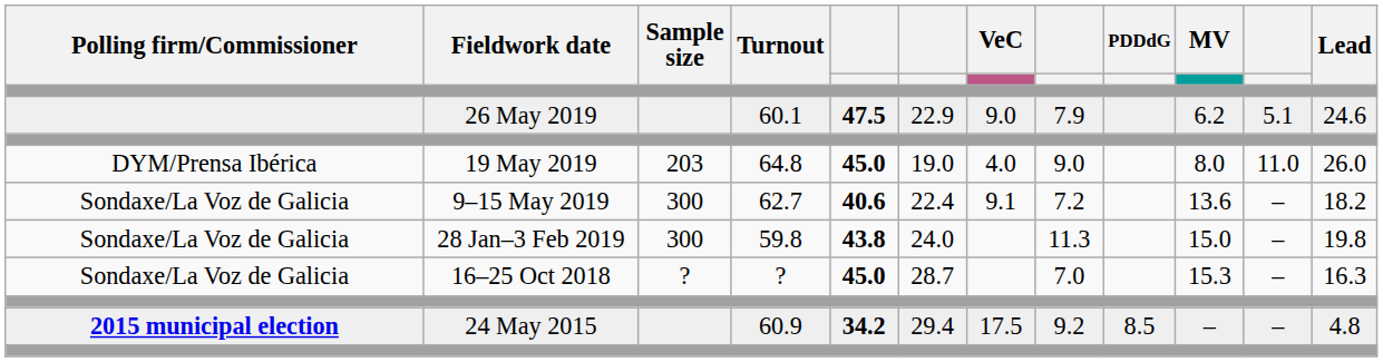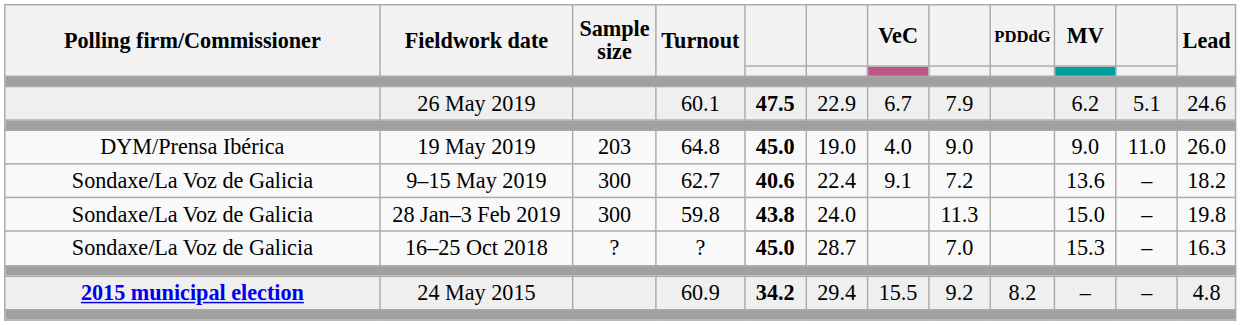 <table class="wikitable collapsible collapsed" style="text-align:center; font-size:95%; line-height:16px;">
 <tr style="height:42px;">
 <th style="width:250px;" rowspan="2">Polling firm/Commissioner</th>
 <th style="width:125px;" rowspan="2">Fieldwork date</th>
 <th style="width:50px;" rowspan="2">Sample size</th>
 <th style="width:45px;" rowspan="2">Turnout</th>
 <th style="width:35px;"></th>
 <th style="width:35px;"></th>
 <th style="width:35px;">VeC</th>
 <th style="width:35px;"></th>
 <th style="width:35px; font-size:75%;">PDDdG</th>
 <th style="width:35px;">MV</th>
 <th style="width:35px;"></th>
 <th style="width:30px;" rowspan="2">Lead</th>
 </tr>
 <tr>
 <th style="color:inherit;background:"></th>
 <th style="color:inherit;background:"></th>
 <th style="color:inherit;background:#BC5687;"></th>
 <th style="color:inherit;background:"></th>
 <th style="color:inherit;background:"></th>
 <th style="color:inherit;background:#009E9D;"></th>
 <th style="color:inherit;background:"></th>
 </tr>
 <tr>
 <td colspan="12" style="background:#A0A0A0"></td>
 </tr>
 <tr style="background:#EFEFEF;">
 <td><strong></strong></td>
 <td>26 May 2019</td>
 <td></td>
 <td>60.1</td>
 <td><strong>47.5</strong><br></td>
 <td>22.9<br></td>
-<td>9.0<br></td>
+<td>6.7<br></td>
 <td>7.9<br></td>
 <td></td>
 <td>6.2<br></td>
 <td>5.1<br></td>
 <td style="background:">24.6</td>
 </tr>
 <tr>
 <td colspan="12" style="background:#A0A0A0"></td>
 </tr>
 <tr>
 <td>DYM/Prensa Ibérica</td>
 <td>19 May 2019</td>
 <td>203</td>
 <td>64.8</td>
 <td><strong>45.0</strong><br></td>
 <td>19.0<br></td>
 <td>4.0<br></td>
 <td>9.0<br></td>
 <td></td>
-<td>8.0<br></td>
+<td>9.0<br></td>
 <td>11.0<br></td>
 <td style="background:">26.0</td>
 </tr>
 <tr>
 <td>Sondaxe/La Voz de Galicia</td>
 <td>9–15 May 2019</td>
 <td>300</td>
 <td>62.7</td>
 <td><strong>40.6</strong><br></td>
 <td>22.4<br></td>
 <td>9.1<br></td>
 <td>7.2<br></td>
 <td></td>
 <td>13.6<br></td>
 <td>–</td>
 <td style="background:">18.2</td>
 </tr>
 <tr>
 <td>Sondaxe/La Voz de Galicia</td>
 <td>28 Jan–3 Feb 2019</td>
 <td>300</td>
 <td>59.8</td>
 <td><strong>43.8</strong><br></td>
 <td>24.0<br></td>
 <td></td>
 <td>11.3<br></td>
 <td></td>
 <td>15.0<br></td>
 <td>–</td>
 <td style="background:">19.8</td>
 </tr>
 <tr>
 <td>Sondaxe/La Voz de Galicia</td>
 <td>16–25 Oct 2018</td>
 <td>?</td>
 <td>?</td>
 <td><strong>45.0</strong><br></td>
 <td>28.7<br></td>
 <td></td>
 <td>7.0<br></td>
 <td></td>
 <td>15.3<br></td>
 <td>–</td>
 <td style="background:">16.3</td>
 </tr>
 <tr>
 <td colspan="12" style="background:#A0A0A0"></td>
 </tr>
 <tr style="background:#EFEFEF;">
 <td><strong><a href='#'>2015 municipal election</a></strong></td>
 <td>24 May 2015</td>
 <td></td>
 <td>60.9</td>
 <td><strong>34.2</strong><br></td>
 <td>29.4<br></td>
-<td>17.5<br></td>
+<td>15.5<br></td>
 <td>9.2<br></td>
-<td>8.5<br></td>
+<td>8.2<br></td>
 <td>–</td>
 <td>–</td>
 <td style="background:">4.8</td>
 </tr>
 <tr>
 <td colspan="12" style="background:#A0A0A0"></td>
 </tr>
 </table>
